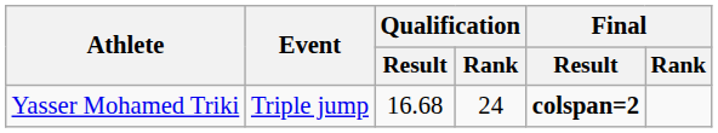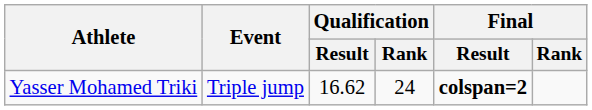 <table class=wikitable style=font-size:90%>
 <tr>
 <th rowspan=2>Athlete</th>
 <th rowspan=2>Event</th>
 <th colspan=2>Qualification</th>
 <th colspan=2>Final</th>
 </tr>
 <tr style=font-size:95%>
 <th>Result</th>
 <th>Rank</th>
 <th>Result</th>
 <th>Rank</th>
 </tr>
 <tr align=center>
 <td align=left><a href='#'>Yasser Mohamed Triki</a></td>
 <td align=left><a href='#'>Triple jump</a></td>
-<td>16.68</td>
+<td>16.62</td>
 <td>24</td>
 <td><strong>colspan=2</strong></td>
 </tr>
 </table>
